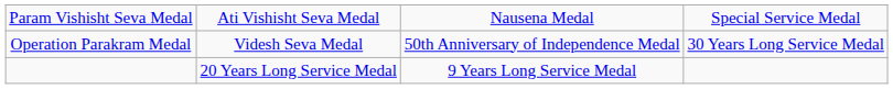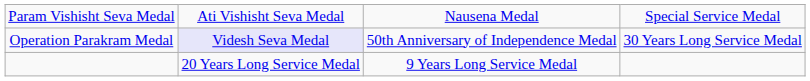 <table class="wikitable" style="margin:1em auto; text-align:center;">
 <tr>
 <td><a href='#'>Param Vishisht Seva Medal</a></td>
 <td><a href='#'>Ati Vishisht Seva Medal</a></td>
 <td><a href='#'>Nausena Medal</a></td>
 <td><a href='#'>Special Service Medal</a></td>
 </tr>
 <tr>
 <td><a href='#'>Operation Parakram Medal</a></td>
-<td><a href='#'>Videsh Seva Medal</a></td>
+<td style="background: lavender;"><a href='#'>Videsh Seva Medal</a></td>
 <td><a href='#'>50th Anniversary of Independence Medal</a></td>
 <td><a href='#'>30 Years Long Service Medal</a></td>
 </tr>
 <tr>
 <td></td>
 <td><a href='#'>20 Years Long Service Medal</a></td>
 <td><a href='#'>9 Years Long Service Medal</a></td>
 <td></td>
 </tr>
 </table>
